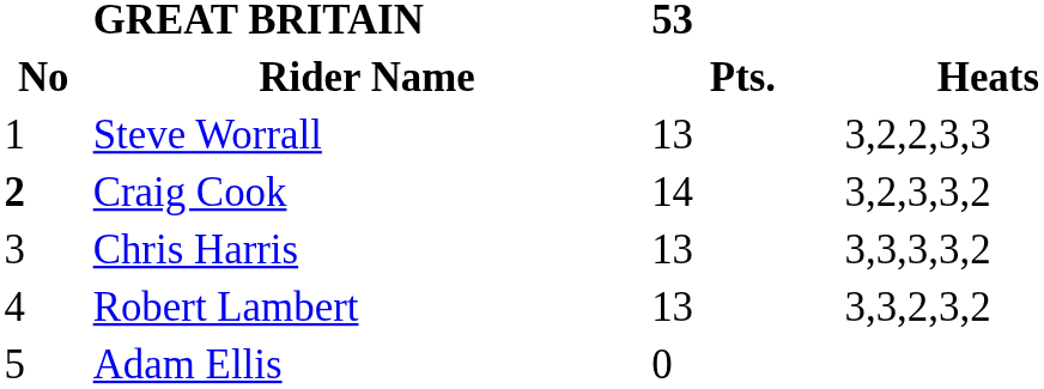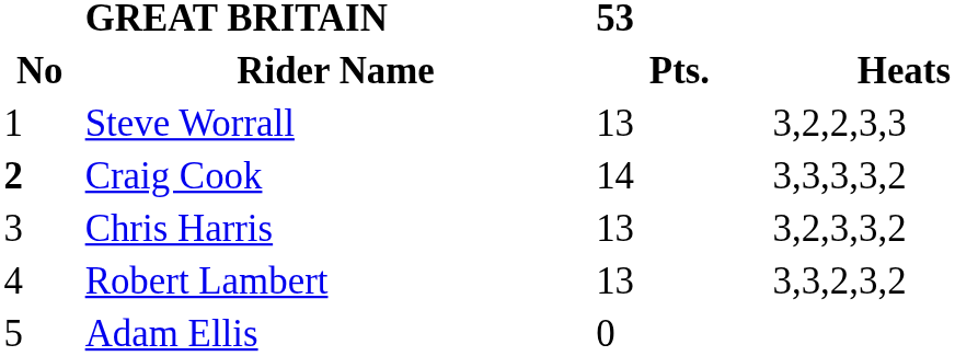 <table class="toccolours">
 <tr>
 <td></td>
 <td><strong>GREAT BRITAIN</strong></td>
 <td><strong>53</strong></td>
 </tr>
 <tr style="background-color:">
 <th width=30px>No</th>
 <th width=210px>Rider Name</th>
 <th width=70px>Pts.</th>
 <th width=110px>Heats</th>
 </tr>
 <tr style="background-color:">
 <td>1</td>
 <td><a href='#'>Steve Worrall</a></td>
 <td>13</td>
 <td>3,2,2,3,3</td>
 </tr>
 <tr style="background-color:">
 <td><strong>2</strong></td>
 <td><a href='#'>Craig Cook</a></td>
 <td>14</td>
-<td>3,2,3,3,2</td>
+<td>3,3,3,3,2</td>
 </tr>
 <tr style="background-color:">
 <td>3</td>
 <td><a href='#'>Chris Harris</a></td>
 <td>13</td>
-<td>3,3,3,3,2</td>
+<td>3,2,3,3,2</td>
 </tr>
 <tr style="background-color:">
 <td>4</td>
 <td><a href='#'>Robert Lambert</a></td>
 <td>13</td>
 <td>3,3,2,3,2</td>
 </tr>
 <tr style="background-color:">
 <td>5</td>
 <td><a href='#'>Adam Ellis</a></td>
 <td>0</td>
 <td></td>
 </tr>
 </table>
